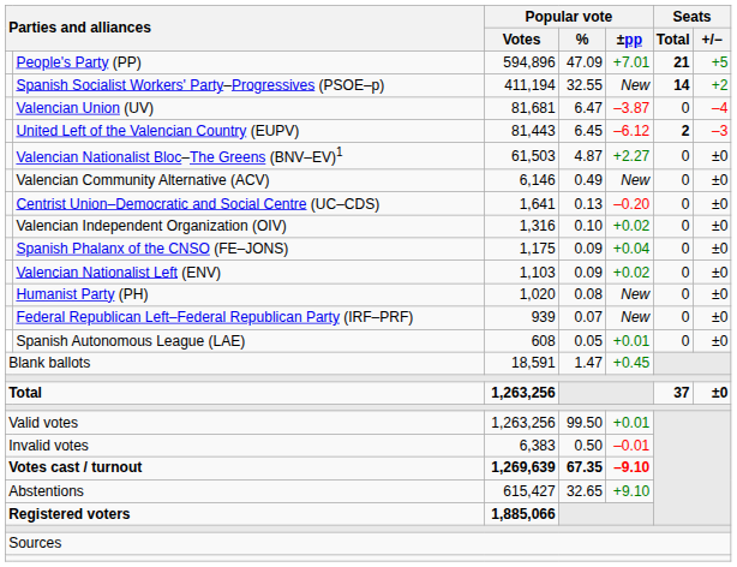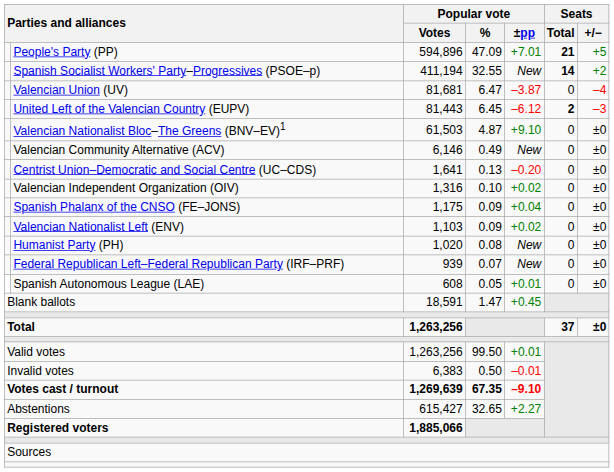 <table class="wikitable" style="text-align:right;">
 <tr>
 <th style="text-align:left;" rowspan="2" colspan="2" width="525">Parties and alliances</th>
 <th colspan="3">Popular vote</th>
 <th colspan="2">Seats</th>
 </tr>
 <tr>
 <th width="75">Votes</th>
 <th width="45">%</th>
 <th width="45">±<a href='#'>pp</a></th>
 <th width="35">Total</th>
 <th width="35">+/−</th>
 </tr>
 <tr>
 <td width="1" style="color:inherit;background:"></td>
 <td align="left"><a href='#'>People's Party</a> (PP)</td>
 <td>594,896</td>
 <td>47.09</td>
 <td style="color:green;">+7.01</td>
 <td><strong>21</strong></td>
 <td style="color:green;">+5</td>
 </tr>
 <tr>
 <td style="color:inherit;background:"></td>
 <td align="left"><a href='#'>Spanish Socialist Workers' Party</a>–<a href='#'>Progressives</a> (PSOE–p)</td>
 <td>411,194</td>
 <td>32.55</td>
 <td><em>New</em></td>
 <td><strong>14</strong></td>
 <td style="color:green;">+2</td>
 </tr>
 <tr>
 <td style="color:inherit;background:"></td>
 <td align="left"><a href='#'>Valencian Union</a> (UV)</td>
 <td>81,681</td>
 <td>6.47</td>
 <td style="color:red;">–3.87</td>
 <td>0</td>
 <td style="color:red;">–4</td>
 </tr>
 <tr>
 <td style="color:inherit;background:"></td>
 <td align="left"><a href='#'>United Left of the Valencian Country</a> (EUPV)</td>
 <td>81,443</td>
 <td>6.45</td>
 <td style="color:red;">–6.12</td>
 <td><strong>2</strong></td>
 <td style="color:red;">–3</td>
 </tr>
 <tr>
 <td style="color:inherit;background:"></td>
 <td align="left"><a href='#'>Valencian Nationalist Bloc</a>–<a href='#'>The Greens</a> (BNV–EV)<sup>1</sup></td>
 <td>61,503</td>
 <td>4.87</td>
-<td style="color:green;">+2.27</td>
+<td style="color:green;">+9.10</td>
 <td>0</td>
 <td>±0</td>
 </tr>
 <tr>
 <td style="color:inherit;background:"></td>
 <td align="left">Valencian Community Alternative (ACV)</td>
 <td>6,146</td>
 <td>0.49</td>
 <td><em>New</em></td>
 <td>0</td>
 <td>±0</td>
 </tr>
 <tr>
 <td style="color:inherit;background:"></td>
 <td align="left"><a href='#'>Centrist Union–Democratic and Social Centre</a> (UC–CDS)</td>
 <td>1,641</td>
 <td>0.13</td>
 <td style="color:red;">–0.20</td>
 <td>0</td>
 <td>±0</td>
 </tr>
 <tr>
 <td style="color:inherit;background:"></td>
 <td align="left">Valencian Independent Organization (OIV)</td>
 <td>1,316</td>
 <td>0.10</td>
 <td style="color:green;">+0.02</td>
 <td>0</td>
 <td>±0</td>
 </tr>
 <tr>
 <td style="color:inherit;background:"></td>
 <td align="left"><a href='#'>Spanish Phalanx of the CNSO</a> (FE–JONS)</td>
 <td>1,175</td>
 <td>0.09</td>
 <td style="color:green;">+0.04</td>
 <td>0</td>
 <td>±0</td>
 </tr>
 <tr>
 <td style="color:inherit;background:"></td>
 <td align="left"><a href='#'>Valencian Nationalist Left</a> (ENV)</td>
 <td>1,103</td>
 <td>0.09</td>
 <td style="color:green;">+0.02</td>
 <td>0</td>
 <td>±0</td>
 </tr>
 <tr>
 <td style="color:inherit;background:"></td>
 <td align="left"><a href='#'>Humanist Party</a> (PH)</td>
 <td>1,020</td>
 <td>0.08</td>
 <td><em>New</em></td>
 <td>0</td>
 <td>±0</td>
 </tr>
 <tr>
 <td style="color:inherit;background:"></td>
 <td align="left"><a href='#'>Federal Republican Left–Federal Republican Party</a> (IRF–PRF)</td>
 <td>939</td>
 <td>0.07</td>
 <td><em>New</em></td>
 <td>0</td>
 <td>±0</td>
 </tr>
 <tr>
 <td bgcolor="white"></td>
 <td align="left">Spanish Autonomous League (LAE)</td>
 <td>608</td>
 <td>0.05</td>
 <td style="color:green;">+0.01</td>
 <td>0</td>
 <td>±0</td>
 </tr>
 <tr>
 <td align="left" colspan="2">Blank ballots</td>
 <td>18,591</td>
 <td>1.47</td>
 <td style="color:green;">+0.45</td>
 <td bgcolor="#E9E9E9" colspan="2"></td>
 </tr>
 <tr>
 <td colspan="7" bgcolor="#E9E9E9"></td>
 </tr>
 <tr style="font-weight:bold;">
 <td align="left" colspan="2">Total</td>
 <td>1,263,256</td>
 <td bgcolor="#E9E9E9" colspan="2"></td>
 <td>37</td>
 <td>±0</td>
 </tr>
 <tr>
 <td colspan="7" bgcolor="#E9E9E9"></td>
 </tr>
 <tr>
 <td align="left" colspan="2">Valid votes</td>
 <td>1,263,256</td>
 <td>99.50</td>
 <td style="color:green;">+0.01</td>
 <td bgcolor="#E9E9E9" colspan="2" rowspan="5"></td>
 </tr>
 <tr>
 <td align="left" colspan="2">Invalid votes</td>
 <td>6,383</td>
 <td>0.50</td>
 <td style="color:red;">–0.01</td>
 </tr>
 <tr style="font-weight:bold;">
 <td align="left" colspan="2">Votes cast / turnout</td>
 <td>1,269,639</td>
 <td>67.35</td>
 <td style="color:red;">–9.10</td>
 </tr>
 <tr>
 <td align="left" colspan="2">Abstentions</td>
 <td>615,427</td>
 <td>32.65</td>
-<td style="color:green;">+9.10</td>
+<td style="color:green;">+2.27</td>
 </tr>
 <tr style="font-weight:bold;">
 <td align="left" colspan="2">Registered voters</td>
 <td>1,885,066</td>
 <td bgcolor="#E9E9E9" colspan="2"></td>
 </tr>
 <tr>
 <td colspan="7" bgcolor="#E9E9E9"></td>
 </tr>
 <tr>
 <td align="left" colspan="7">Sources</td>
 </tr>
 <tr>
 <td colspan="7" style="text-align:left; max-width:790px;"></td>
 </tr>
 </table>
